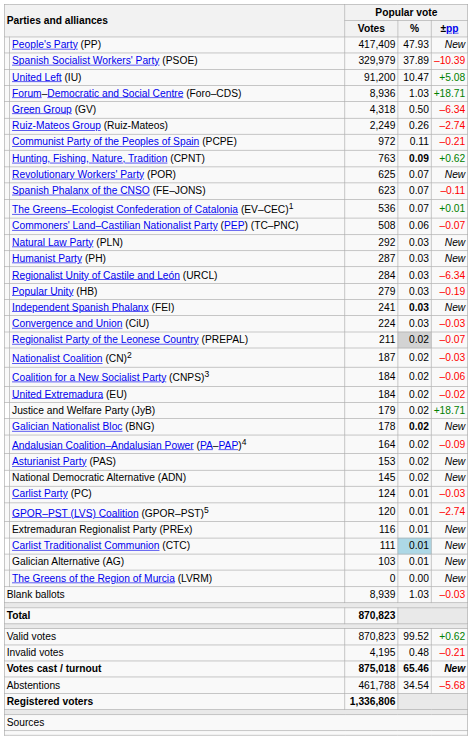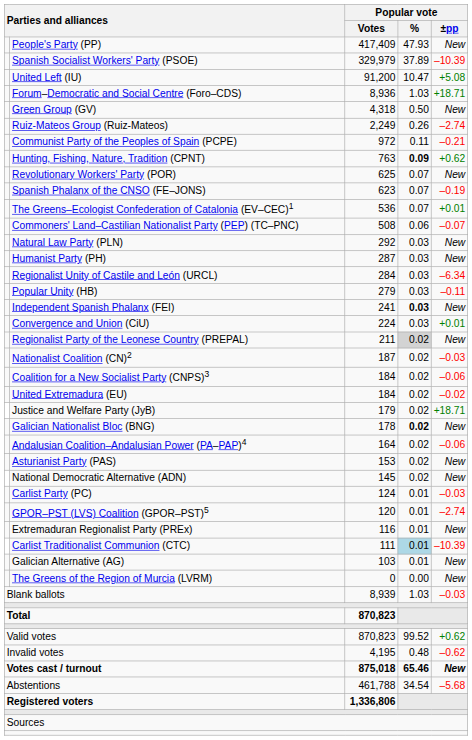 <table class="wikitable" style="text-align:right">
 <tr>
 <th style="text-align:left;" rowspan="2" colspan="2" width="525">Parties and alliances</th>
 <th colspan="3">Popular vote</th>
 </tr>
 <tr>
 <th width="75">Votes</th>
 <th width="45">%</th>
 <th width="45">±<a href='#'>pp</a></th>
 </tr>
 <tr>
 <td width="1" style="color:inherit;background:"></td>
 <td align="left"><a href='#'>People's Party</a> (PP)</td>
 <td>417,409</td>
 <td>47.93</td>
 <td><em>New</em></td>
 </tr>
 <tr>
 <td style="color:inherit;background:"></td>
 <td align="left"><a href='#'>Spanish Socialist Workers' Party</a> (PSOE)</td>
 <td>329,979</td>
 <td>37.89</td>
 <td style="color:red;">–10.39</td>
 </tr>
 <tr>
 <td style="color:inherit;background:"></td>
 <td align="left"><a href='#'>United Left</a> (IU)</td>
 <td>91,200</td>
 <td>10.47</td>
 <td style="color:green;">+5.08</td>
 </tr>
 <tr>
 <td style="color:inherit;background:"></td>
 <td align="left"><a href='#'>Forum</a>–<a href='#'>Democratic and Social Centre</a> (Foro–CDS)</td>
 <td>8,936</td>
 <td>1.03</td>
 <td style="color:green;">+18.71</td>
 </tr>
 <tr>
 <td style="color:inherit;background:"></td>
 <td align="left"><a href='#'>Green Group</a> (GV)</td>
 <td>4,318</td>
 <td>0.50</td>
-<td style="color:red;">–6.34</td>
+<td><em>New</em></td>
 </tr>
 <tr>
 <td style="color:inherit;background:"></td>
 <td align="left"><a href='#'>Ruiz-Mateos Group</a> (Ruiz-Mateos)</td>
 <td>2,249</td>
 <td>0.26</td>
 <td style="color:red;">–2.74</td>
 </tr>
 <tr>
 <td style="color:inherit;background:"></td>
 <td align="left"><a href='#'>Communist Party of the Peoples of Spain</a> (PCPE)</td>
 <td>972</td>
 <td>0.11</td>
 <td style="color:red;">–0.21</td>
 </tr>
 <tr>
 <td style="color:inherit;background:"></td>
 <td align="left"><a href='#'>Hunting, Fishing, Nature, Tradition</a> (CPNT)</td>
 <td>763</td>
 <td><strong>0.09</strong></td>
 <td style="color:green;">+0.62</td>
 </tr>
 <tr>
 <td style="color:inherit;background:"></td>
 <td align="left"><a href='#'>Revolutionary Workers' Party</a> (POR)</td>
 <td>625</td>
 <td>0.07</td>
 <td><em>New</em></td>
 </tr>
 <tr>
 <td style="color:inherit;background:"></td>
 <td align="left"><a href='#'>Spanish Phalanx of the CNSO</a> (FE–JONS)</td>
 <td>623</td>
 <td>0.07</td>
-<td style="color:red;">–0.11</td>
+<td style="color:red;">–0.19</td>
 </tr>
 <tr>
 <td style="color:inherit;background:"></td>
 <td align="left"><a href='#'>The Greens–Ecologist Confederation of Catalonia</a> (EV–CEC)<sup>1</sup></td>
 <td>536</td>
 <td>0.07</td>
 <td style="color:green;">+0.01</td>
 </tr>
 <tr>
 <td style="color:inherit;background:"></td>
 <td align="left"><a href='#'>Commoners' Land–Castilian Nationalist Party</a> (<a href='#'>PEP</a>) (TC–PNC)</td>
 <td>508</td>
 <td>0.06</td>
 <td style="color:red;">–0.07</td>
 </tr>
 <tr>
 <td style="color:inherit;background:"></td>
 <td align="left"><a href='#'>Natural Law Party</a> (PLN)</td>
 <td>292</td>
 <td>0.03</td>
 <td><em>New</em></td>
 </tr>
 <tr>
 <td style="color:inherit;background:"></td>
 <td align="left"><a href='#'>Humanist Party</a> (PH)</td>
 <td>287</td>
 <td>0.03</td>
 <td><em>New</em></td>
 </tr>
 <tr>
 <td style="color:inherit;background:"></td>
 <td align="left"><a href='#'>Regionalist Unity of Castile and León</a> (URCL)</td>
 <td>284</td>
 <td>0.03</td>
 <td style="color:red;">–6.34</td>
 </tr>
 <tr>
 <td style="color:inherit;background:"></td>
 <td align="left"><a href='#'>Popular Unity</a> (HB)</td>
 <td>279</td>
 <td>0.03</td>
-<td style="color:red;">–0.19</td>
+<td style="color:red;">–0.11</td>
 </tr>
 <tr>
 <td style="color:inherit;background:"></td>
 <td align="left"><a href='#'>Independent Spanish Phalanx</a> (FEI)</td>
 <td>241</td>
 <td><strong>0.03</strong></td>
 <td><em>New</em></td>
 </tr>
 <tr>
 <td style="color:inherit;background:"></td>
 <td align="left"><a href='#'>Convergence and Union</a> (CiU)</td>
 <td>224</td>
 <td>0.03</td>
-<td style="color:red;">–0.03</td>
+<td style="color:green;">+0.01</td>
 </tr>
 <tr>
 <td style="color:inherit;background:"></td>
 <td align="left"><a href='#'>Regionalist Party of the Leonese Country</a> (PREPAL)</td>
 <td>211</td>
 <td style="background: lightgrey;">0.02</td>
-<td style="color:red;">–0.07</td>
+<td><em>New</em></td>
 </tr>
 <tr>
 <td style="color:inherit;background:"></td>
 <td align="left"><a href='#'>Nationalist Coalition</a> (CN)<sup>2</sup></td>
 <td>187</td>
 <td>0.02</td>
 <td style="color:red;">–0.03</td>
 </tr>
 <tr>
 <td style="color:inherit;background:"></td>
 <td align="left"><a href='#'>Coalition for a New Socialist Party</a> (CNPS)<sup>3</sup></td>
 <td>184</td>
 <td>0.02</td>
 <td style="color:red;">–0.06</td>
 </tr>
 <tr>
 <td style="color:inherit;background:"></td>
 <td align="left"><a href='#'>United Extremadura</a> (EU)</td>
 <td>184</td>
 <td>0.02</td>
 <td style="color:red;">–0.02</td>
 </tr>
 <tr>
 <td bgcolor="white"></td>
 <td align="left">Justice and Welfare Party (JyB)</td>
 <td>179</td>
 <td>0.02</td>
 <td style="color:green;">+18.71</td>
 </tr>
 <tr>
 <td style="color:inherit;background:"></td>
 <td align="left"><a href='#'>Galician Nationalist Bloc</a> (BNG)</td>
 <td>178</td>
 <td><strong>0.02</strong></td>
 <td><em>New</em></td>
 </tr>
 <tr>
 <td style="color:inherit;background:"></td>
 <td align="left"><a href='#'>Andalusian Coalition–Andalusian Power</a> (<a href='#'>PA</a>–<a href='#'>PAP</a>)<sup>4</sup></td>
 <td>164</td>
 <td>0.02</td>
-<td style="color:red;">–0.09</td>
+<td style="color:red;">–0.06</td>
 </tr>
 <tr>
 <td style="color:inherit;background:"></td>
 <td align="left"><a href='#'>Asturianist Party</a> (PAS)</td>
 <td>153</td>
 <td>0.02</td>
 <td><em>New</em></td>
 </tr>
 <tr>
 <td bgcolor="white"></td>
 <td align="left">National Democratic Alternative (ADN)</td>
 <td>145</td>
 <td>0.02</td>
 <td><em>New</em></td>
 </tr>
 <tr>
 <td style="color:inherit;background:"></td>
 <td align="left"><a href='#'>Carlist Party</a> (PC)</td>
 <td>124</td>
 <td>0.01</td>
 <td style="color:red;">–0.03</td>
 </tr>
 <tr>
 <td style="color:inherit;background:"></td>
 <td align="left"><a href='#'>GPOR–PST (LVS) Coalition</a> (GPOR–PST)<sup>5</sup></td>
 <td>120</td>
 <td>0.01</td>
 <td style="color:red;">–2.74</td>
 </tr>
 <tr>
 <td style="color:inherit;background:"></td>
 <td align="left">Extremaduran Regionalist Party (PREx)</td>
 <td>116</td>
 <td>0.01</td>
 <td><em>New</em></td>
 </tr>
 <tr>
 <td bgcolor="white"></td>
 <td align="left"><a href='#'>Carlist Traditionalist Communion</a> (CTC)</td>
 <td>111</td>
 <td style="background: lightblue;">0.01</td>
-<td><em>New</em></td>
+<td style="color:red;">–10.39</td>
 </tr>
 <tr>
 <td style="color:inherit;background:"></td>
 <td align="left">Galician Alternative (AG)</td>
 <td>103</td>
 <td>0.01</td>
 <td><em>New</em></td>
 </tr>
 <tr>
 <td style="color:inherit;background:"></td>
 <td align="left"><a href='#'>The Greens of the Region of Murcia</a> (LVRM)</td>
 <td>0</td>
 <td>0.00</td>
 <td><em>New</em></td>
 </tr>
 <tr>
 <td align="left" colspan="2">Blank ballots</td>
 <td>8,939</td>
 <td>1.03</td>
 <td style="color:red;">–0.03</td>
 </tr>
 <tr>
 <td colspan="5" bgcolor="#E9E9E9"></td>
 </tr>
 <tr style="font-weight:bold;">
 <td align="left" colspan="2">Total</td>
 <td>870,823</td>
 <td bgcolor="#E9E9E9" colspan="2"></td>
 </tr>
 <tr>
 <td colspan="5" bgcolor="#E9E9E9"></td>
 </tr>
 <tr>
 <td align="left" colspan="2">Valid votes</td>
 <td>870,823</td>
 <td>99.52</td>
 <td style="color:green;">+0.62</td>
 </tr>
 <tr>
 <td align="left" colspan="2">Invalid votes</td>
 <td>4,195</td>
 <td>0.48</td>
-<td style="color:red;">–0.21</td>
+<td style="color:red;">–0.62</td>
 </tr>
 <tr style="font-weight:bold;">
 <td align="left" colspan="2">Votes cast / turnout</td>
 <td>875,018</td>
 <td>65.46</td>
 <td><em>New</em></td>
 </tr>
 <tr>
 <td align="left" colspan="2">Abstentions</td>
 <td>461,788</td>
 <td>34.54</td>
 <td style="color:red;">–5.68</td>
 </tr>
 <tr style="font-weight:bold;">
 <td align="left" colspan="2">Registered voters</td>
 <td>1,336,806</td>
 <td bgcolor="#E9E9E9" colspan="2"></td>
 </tr>
 <tr>
 <td colspan="5" bgcolor="#E9E9E9"></td>
 </tr>
 <tr>
 <td align="left" colspan="5">Sources</td>
 </tr>
 <tr>
 <td colspan="5" style="text-align:left; max-width:680px;"></td>
 </tr>
 </table>
